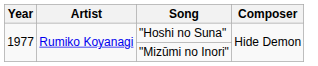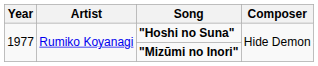 <table class="wikitable">
 <tr>
 <th>Year</th>
 <th>Artist</th>
 <th>Song</th>
 <th>Composer</th>
 </tr>
 <tr>
 <td rowspan="2">1977</td>
 <td rowspan="2"><a href='#'>Rumiko Koyanagi</a></td>
-<td>"Hoshi no Suna"</td>
+<td><strong>"Hoshi no Suna"</strong></td>
 <td rowspan="2">Hide Demon</td>
 </tr>
 <tr>
-<td>"Mizūmi no Inori"</td>
+<td><strong>"Mizūmi no Inori"</strong></td>
 </tr>
 </table>
